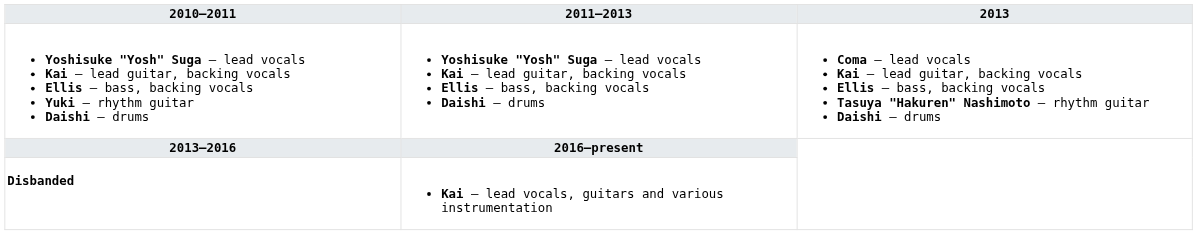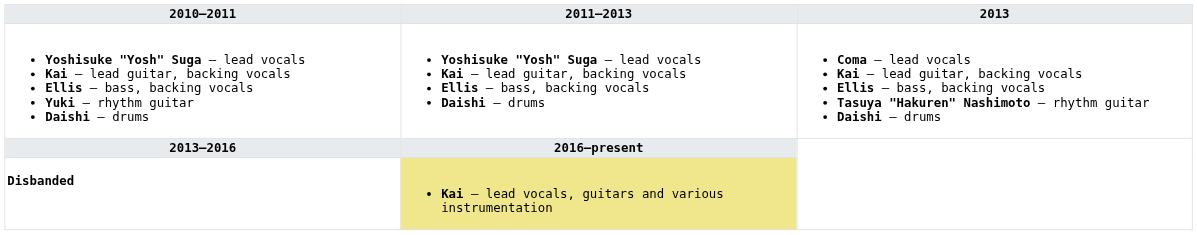 <table class="toccolours" border=1 cellpadding=2 cellspacing=0 style="float: width: 375px; margin: 0 0 1em 1em; border-collapse: collapse; border: 1px solid #E2E2E2;" width=99%>
 <tr>
 <th width="25%" valign="top" bgcolor="#e7ebee">2010–2011</th>
 <th width="25%" valign="top" bgcolor="#e7ebee">2011–2013</th>
 <th width="25%" valign="top" bgcolor="#e7ebee">2013</th>
 </tr>
 <tr>
 <td valign=top><br><ul><li><strong>Yoshisuke "Yosh" Suga</strong> – lead vocals</li><li><strong>Kai</strong> – lead guitar, backing vocals</li><li><strong>Ellis</strong> – bass, backing vocals</li><li><strong>Yuki</strong> – rhythm guitar</li><li><strong>Daishi</strong> – drums</li></ul></td>
 <td valign=top><br><ul><li><strong>Yoshisuke "Yosh" Suga</strong> – lead vocals</li><li><strong>Kai</strong> – lead guitar, backing vocals</li><li><strong>Ellis</strong> – bass, backing vocals</li><li><strong>Daishi</strong> – drums</li></ul></td>
 <td valign=top><br><ul><li><strong>Coma</strong> – lead vocals</li><li><strong>Kai</strong> – lead guitar, backing vocals</li><li><strong>Ellis</strong> – bass, backing vocals</li><li><strong>Tasuya "Hakuren" Nashimoto</strong> – rhythm guitar</li><li><strong>Daishi</strong> – drums</li></ul></td>
 </tr>
 <tr>
 <th width="25%" valign="top" bgcolor="#e7ebee">2013–2016</th>
 <th width="25%" valign="top" bgcolor="#e7ebee">2016–present</th>
 </tr>
 <tr>
 <td valign=top><br><strong>Disbanded</strong></td>
-<td valign=top><br><ul><li><strong>Kai</strong> –  lead vocals, guitars and various instrumentation</li></ul></td>
+<td valign=top style="background: khaki;"><br><ul><li><strong>Kai</strong> –  lead vocals, guitars and various instrumentation</li></ul></td>
 </tr>
 </table>
